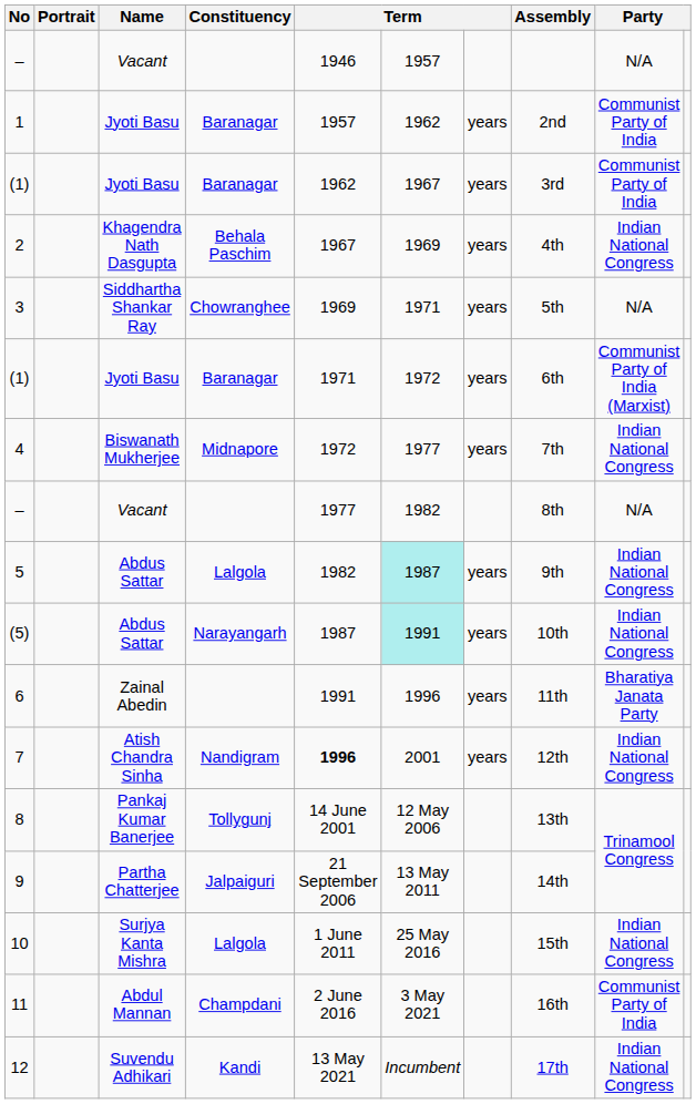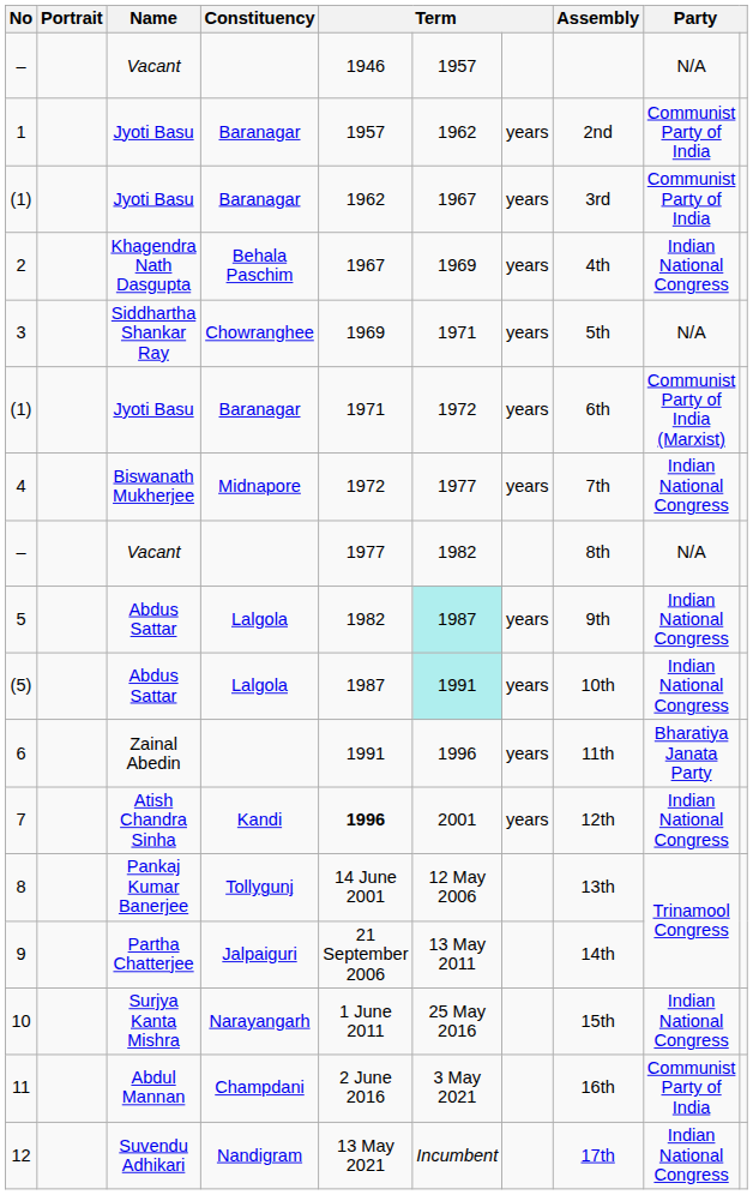 <table class="wikitable">
 <tr>
 <th>No</th>
 <th scope="col">Portrait</th>
 <th scope="col">Name</th>
 <th scope=col>Constituency</th>
 <th colspan="3" scope="col">Term</th>
 <th>Assembly<br></th>
 <th colspan="2" scope="col">Party</th>
 </tr>
 <tr style="text-align:center;height:60px;">
 <td>–</td>
 <td></td>
 <td><em>Vacant</em></td>
 <td></td>
 <td>1946</td>
 <td>1957</td>
 <td></td>
 <td></td>
 <td>N/A</td>
 <td></td>
 </tr>
 <tr style="text-align:center;height:60px;">
 <td>1</td>
 <td></td>
 <td><a href='#'>Jyoti Basu</a></td>
 <td><a href='#'>Baranagar</a></td>
 <td>1957</td>
 <td>1962</td>
 <td> years</td>
 <td>2nd<br></td>
 <td><a href='#'>Communist Party of India</a></td>
 <td style="background-color: "></td>
 </tr>
 <tr style="text-align:center; height:60px;">
 <td>(1)</td>
 <td></td>
 <td><a href='#'>Jyoti Basu</a></td>
 <td><a href='#'>Baranagar</a></td>
 <td>1962</td>
 <td>1967</td>
 <td> years</td>
 <td>3rd<br></td>
 <td><a href='#'>Communist Party of India</a></td>
 <td style="background-color: "></td>
 </tr>
 <tr style="text-align:center; height:60px;">
 <td>2</td>
 <td></td>
 <td><a href='#'>Khagendra Nath Dasgupta</a></td>
 <td><a href='#'>Behala Paschim</a></td>
 <td>1967</td>
 <td>1969</td>
 <td> years</td>
 <td>4th<br></td>
 <td><a href='#'>Indian National Congress</a></td>
 <td style="background-color: "></td>
 </tr>
 <tr style="text-align:center; height:60px;">
 <td>3</td>
 <td></td>
 <td><a href='#'>Siddhartha Shankar Ray</a></td>
 <td><a href='#'>Chowranghee</a></td>
 <td>1969</td>
 <td>1971</td>
 <td> years</td>
 <td>5th<br></td>
 <td>N/A</td>
 <td style="background-color: "></td>
 </tr>
 <tr style="text-align:center; height:60px;">
 <td>(1)</td>
 <td></td>
 <td><a href='#'>Jyoti Basu</a></td>
 <td><a href='#'>Baranagar</a></td>
 <td>1971</td>
 <td>1972</td>
 <td> years</td>
 <td>6th<br></td>
 <td><a href='#'>Communist Party of India (Marxist)</a></td>
 <td style="background-color: "></td>
 </tr>
 <tr style="text-align:center; height:60px;">
 <td>4</td>
 <td></td>
 <td><a href='#'>Biswanath Mukherjee</a></td>
 <td><a href='#'>Midnapore</a></td>
 <td>1972</td>
 <td>1977</td>
 <td> years</td>
 <td>7th<br></td>
 <td><a href='#'>Indian National Congress</a></td>
 <td style="background-color: "></td>
 </tr>
 <tr style="text-align:center; height:60px;">
 <td>–</td>
 <td></td>
 <td><em>Vacant</em></td>
 <td></td>
 <td>1977</td>
 <td>1982</td>
 <td></td>
 <td>8th<br></td>
 <td>N/A</td>
 <td></td>
 </tr>
 <tr style="text-align:center;height:60px;">
 <td>5</td>
 <td></td>
 <td><a href='#'>Abdus Sattar</a></td>
 <td><a href='#'>Lalgola</a></td>
 <td>1982</td>
 <td style="background: paleturquoise;">1987</td>
 <td> years</td>
 <td>9th<br></td>
 <td><a href='#'>Indian National Congress</a></td>
 <td style="background-color: "></td>
 </tr>
 <tr style="text-align:center; height:60px;">
 <td>(5)</td>
 <td></td>
 <td><a href='#'>Abdus Sattar</a></td>
-<td><a href='#'>Narayangarh</a></td>
+<td><a href='#'>Lalgola</a></td>
 <td>1987</td>
 <td style="background: paleturquoise;">1991</td>
 <td> years</td>
 <td>10th<br></td>
 <td><a href='#'>Indian National Congress</a></td>
 <td style="background-color: "></td>
 </tr>
 <tr style="text-align:center; height:60px;">
 <td>6</td>
 <td></td>
 <td>Zainal Abedin</td>
 <td></td>
 <td>1991</td>
 <td>1996</td>
 <td> years</td>
 <td>11th<br></td>
 <td><a href='#'>Bharatiya Janata Party</a></td>
 <td style="background-color: "></td>
 </tr>
 <tr style="text-align:center; height:60px;">
 <td>7</td>
 <td></td>
 <td><a href='#'>Atish Chandra Sinha</a></td>
-<td><a href='#'>Nandigram</a></td>
+<td><a href='#'>Kandi</a></td>
 <td><strong>1996</strong></td>
 <td>2001</td>
 <td> years</td>
 <td>12th<br></td>
 <td><a href='#'>Indian National Congress</a></td>
 <td style="background-color: "></td>
 </tr>
 <tr style="text-align:center; height:60px;">
 <td>8</td>
 <td></td>
 <td><a href='#'>Pankaj Kumar Banerjee</a></td>
 <td><a href='#'>Tollygunj</a></td>
 <td>14 June 2001</td>
 <td>12 May 2006</td>
 <td></td>
 <td>13th<br></td>
 <td rowspan="2"><a href='#'>Trinamool Congress</a></td>
 <td rowspan="2" style="background-color: "></td>
 </tr>
 <tr style="text-align:center; height:60px;">
 <td>9</td>
 <td></td>
 <td><a href='#'>Partha Chatterjee</a></td>
 <td><a href='#'>Jalpaiguri</a></td>
 <td>21 September 2006</td>
 <td>13 May 2011</td>
 <td></td>
 <td>14th<br></td>
 </tr>
 <tr style="text-align:center; height:60px;">
 <td>10</td>
 <td></td>
 <td><a href='#'>Surjya Kanta Mishra</a></td>
-<td><a href='#'>Lalgola</a></td>
+<td><a href='#'>Narayangarh</a></td>
 <td>1 June 2011</td>
 <td>25 May 2016</td>
 <td></td>
 <td>15th<br></td>
 <td><a href='#'>Indian National Congress</a></td>
 <td style="background-color: "></td>
 </tr>
 <tr style="text-align:center; height:60px;">
 <td>11</td>
 <td></td>
 <td><a href='#'>Abdul Mannan</a></td>
 <td><a href='#'>Champdani</a></td>
 <td>2 June 2016</td>
 <td>3 May 2021</td>
 <td></td>
 <td>16th<br></td>
 <td><a href='#'>Communist Party of India </a></td>
 <td style="background-color: "></td>
 </tr>
 <tr style="text-align:center; height:60px;">
 <td>12</td>
 <td></td>
 <td><a href='#'>Suvendu Adhikari</a></td>
-<td><a href='#'>Kandi</a></td>
+<td><a href='#'>Nandigram</a></td>
 <td>13 May 2021</td>
 <td><em>Incumbent</em></td>
 <td></td>
 <td><a href='#'>17th</a><br></td>
 <td><a href='#'>Indian National Congress</a></td>
 <td rowspan="2" style="background-color: "></td>
 </tr>
 </table>
